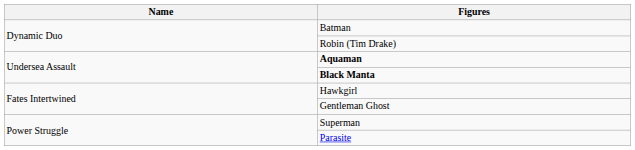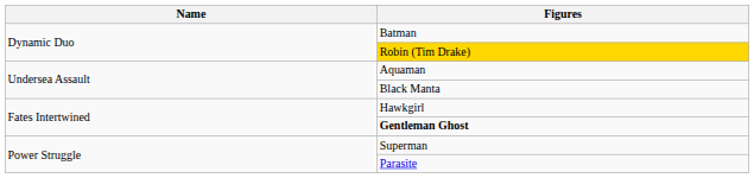 <table class="wikitable" style="width:80%;">
 <tr>
 <th width=20%><strong>Name</strong></th>
 <th width=20%><strong>Figures</strong></th>
 </tr>
 <tr>
 <td rowspan=2>Dynamic Duo</td>
 <td>Batman</td>
 </tr>
 <tr>
-<td>Robin (Tim Drake)</td>
+<td style="background: gold;">Robin (Tim Drake)</td>
 </tr>
 <tr>
 <td rowspan=2>Undersea Assault</td>
-<td><strong>Aquaman</strong></td>
+<td>Aquaman</td>
 </tr>
 <tr>
-<td><strong>Black Manta</strong></td>
+<td>Black Manta</td>
 </tr>
 <tr>
 <td rowspan=2>Fates Intertwined</td>
 <td>Hawkgirl</td>
 </tr>
 <tr>
-<td>Gentleman Ghost</td>
+<td><strong>Gentleman Ghost</strong></td>
 </tr>
 <tr>
 <td rowspan=2>Power Struggle</td>
 <td>Superman</td>
 </tr>
 <tr>
 <td><a href='#'>Parasite</a></td>
 </tr>
 </table>
